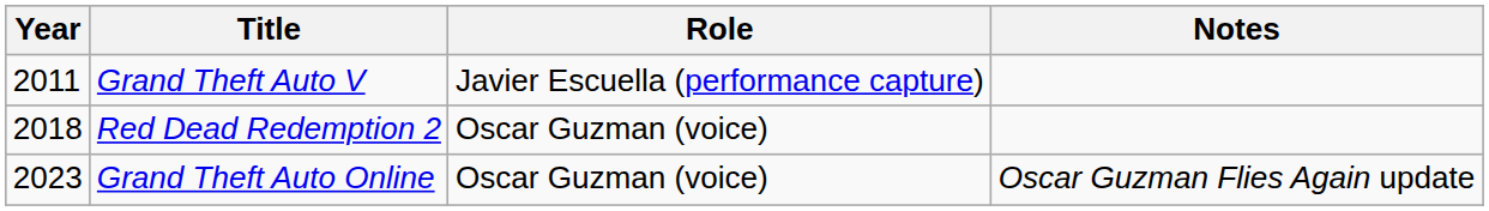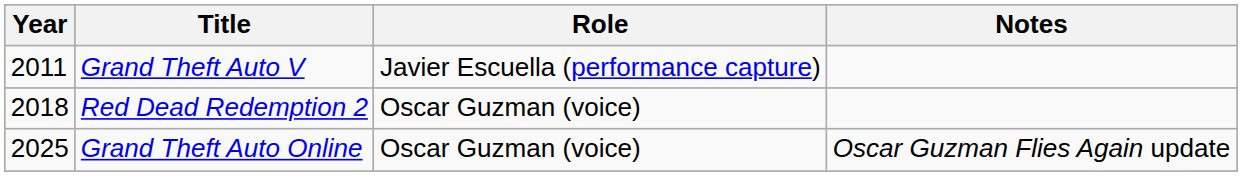 <table class="wikitable plainrowheaders sortable" style="margin–right: 0;">
 <tr>
 <th>Year</th>
 <th>Title</th>
 <th>Role</th>
 <th>Notes</th>
 </tr>
 <tr>
 <td>2011</td>
 <td><em><a href='#'>Grand Theft Auto V</a></em></td>
 <td>Javier Escuella (<a href='#'>performance capture</a>)</td>
 <td></td>
 </tr>
 <tr>
 <td>2018</td>
 <td><em><a href='#'>Red Dead Redemption 2</a></em></td>
 <td>Oscar Guzman (voice)</td>
 <td></td>
 </tr>
 <tr>
-<td>2023</td>
+<td>2025</td>
 <td><em><a href='#'>Grand Theft Auto Online</a></em></td>
 <td>Oscar Guzman (voice)</td>
 <td><em>Oscar Guzman Flies Again</em> update</td>
 </tr>
 </table>
